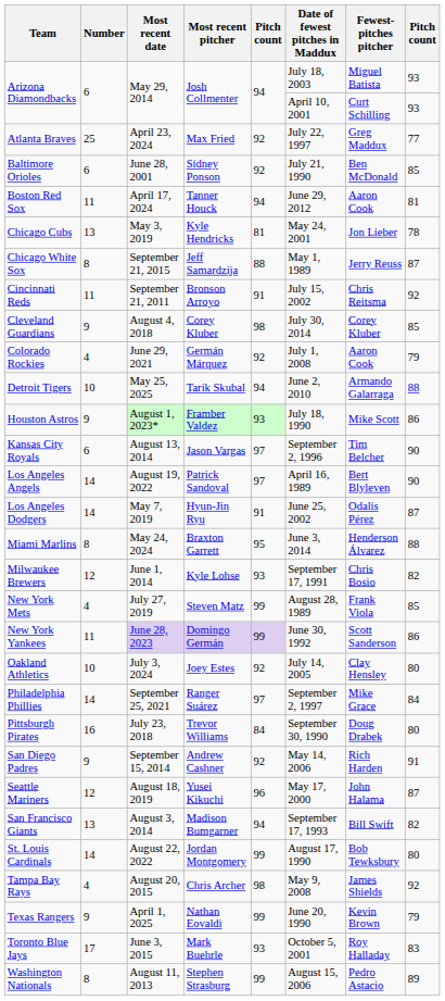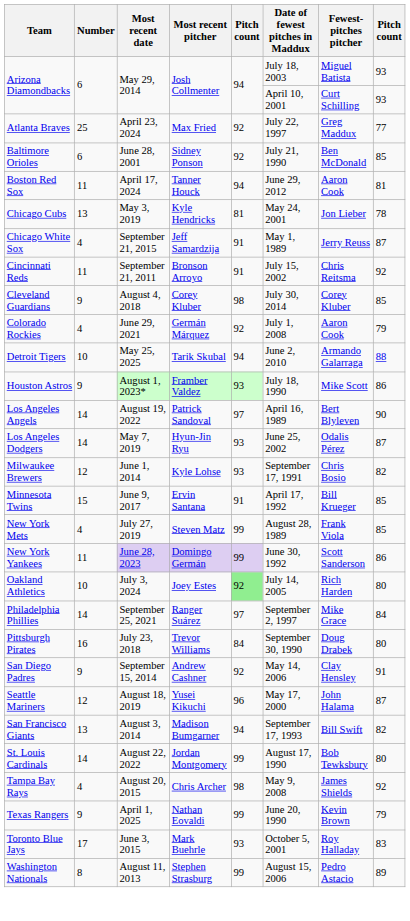 <table class="wikitable sortable">
 <tr>
 <th>Team</th>
 <th>Number</th>
 <th>Most recent date</th>
 <th>Most recent pitcher</th>
 <th>Pitch count</th>
 <th>Date of fewest pitches in Maddux</th>
 <th>Fewest-pitches pitcher</th>
 <th>Pitch count</th>
 </tr>
 <tr>
 <td rowspan="2"><a href='#'>Arizona Diamondbacks</a></td>
 <td rowspan="2">6</td>
 <td rowspan="2">May 29, 2014</td>
 <td rowspan="2"><a href='#'>Josh Collmenter</a></td>
 <td rowspan="2">94</td>
 <td>July 18, 2003</td>
 <td><a href='#'>Miguel Batista</a></td>
 <td>93</td>
 </tr>
 <tr>
 <td>April 10, 2001</td>
 <td><a href='#'>Curt Schilling</a></td>
 <td>93</td>
 </tr>
 <tr>
 <td><a href='#'>Atlanta Braves</a></td>
 <td>25</td>
 <td>April 23, 2024</td>
 <td><a href='#'>Max Fried</a></td>
 <td>92</td>
 <td>July 22, 1997</td>
 <td><a href='#'>Greg Maddux</a></td>
 <td>77</td>
 </tr>
 <tr>
 <td><a href='#'>Baltimore Orioles</a></td>
 <td>6</td>
 <td>June 28, 2001</td>
 <td><a href='#'>Sidney Ponson</a></td>
 <td>92</td>
 <td>July 21, 1990</td>
 <td><a href='#'>Ben McDonald</a></td>
 <td>85</td>
 </tr>
 <tr>
 <td><a href='#'>Boston Red Sox</a></td>
 <td>11</td>
 <td>April 17, 2024</td>
 <td><a href='#'>Tanner Houck</a></td>
 <td>94</td>
 <td>June 29, 2012</td>
 <td><a href='#'>Aaron Cook</a></td>
 <td>81</td>
 </tr>
 <tr>
 <td><a href='#'>Chicago Cubs</a></td>
 <td>13</td>
 <td>May 3, 2019</td>
 <td><a href='#'>Kyle Hendricks</a></td>
 <td>81</td>
 <td>May 24, 2001</td>
 <td><a href='#'>Jon Lieber</a></td>
 <td>78</td>
 </tr>
 <tr>
 <td><a href='#'>Chicago White Sox</a></td>
-<td>8</td>
+<td>4</td>
 <td>September 21, 2015</td>
 <td><a href='#'>Jeff Samardzija</a></td>
-<td>88</td>
+<td>91</td>
 <td>May 1, 1989</td>
 <td><a href='#'>Jerry Reuss</a></td>
 <td>87</td>
 </tr>
 <tr>
 <td><a href='#'>Cincinnati Reds</a></td>
 <td>11</td>
 <td>September 21, 2011</td>
 <td><a href='#'>Bronson Arroyo</a></td>
 <td>91</td>
 <td>July 15, 2002</td>
 <td><a href='#'>Chris Reitsma</a></td>
 <td>92</td>
 </tr>
 <tr>
 <td><a href='#'>Cleveland Guardians</a></td>
 <td>9</td>
 <td>August 4, 2018</td>
 <td><a href='#'>Corey Kluber</a></td>
 <td>98</td>
 <td>July 30, 2014</td>
 <td><a href='#'>Corey Kluber</a></td>
 <td>85</td>
 </tr>
 <tr>
 <td><a href='#'>Colorado Rockies</a></td>
 <td>4</td>
 <td>June 29, 2021</td>
 <td><a href='#'>Germán Márquez</a></td>
 <td>92</td>
 <td>July 1, 2008</td>
 <td><a href='#'>Aaron Cook</a></td>
 <td>79</td>
 </tr>
 <tr>
 <td><a href='#'>Detroit Tigers</a></td>
 <td>10</td>
 <td>May 25, 2025</td>
 <td><a href='#'>Tarik Skubal</a></td>
 <td>94</td>
 <td>June 2, 2010</td>
 <td><a href='#'>Armando Galarraga</a></td>
 <td><a href='#'>88</a></td>
 </tr>
 <tr>
 <td><a href='#'>Houston Astros</a></td>
 <td>9</td>
 <td style="background-color: #CCFFCC">August 1, 2023*</td>
 <td style="background-color: #CCFFCC"><a href='#'>Framber Valdez</a></td>
 <td style="background-color: #CCFFCC">93</td>
 <td>July 18, 1990</td>
 <td><a href='#'>Mike Scott</a></td>
 <td>86</td>
 </tr>
 <tr>
-<td><a href='#'>Kansas City Royals</a></td>
-<td>6</td>
-<td>August 13, 2014</td>
-<td><a href='#'>Jason Vargas</a></td>
-<td>97</td>
-<td>September 2, 1996</td>
-<td><a href='#'>Tim Belcher</a></td>
-<td>90</td>
-</tr>
-<tr>
 <td><a href='#'>Los Angeles Angels</a></td>
 <td>14</td>
 <td>August 19, 2022</td>
 <td><a href='#'>Patrick Sandoval</a></td>
 <td>97</td>
 <td>April 16, 1989</td>
 <td><a href='#'>Bert Blyleven</a></td>
 <td>90</td>
 </tr>
 <tr>
 <td><a href='#'>Los Angeles Dodgers</a></td>
 <td>14</td>
 <td>May 7, 2019</td>
 <td><a href='#'>Hyun-Jin Ryu</a></td>
-<td>91</td>
+<td>93</td>
 <td>June 25, 2002</td>
 <td><a href='#'>Odalis Pérez</a></td>
 <td>87</td>
-</tr>
-<tr>
-<td><a href='#'>Miami Marlins</a></td>
-<td>8</td>
-<td>May 24, 2024</td>
-<td><a href='#'>Braxton Garrett</a></td>
-<td>95</td>
-<td>June 3, 2014</td>
-<td><a href='#'>Henderson Álvarez</a></td>
-<td>88</td>
 </tr>
 <tr>
 <td><a href='#'>Milwaukee Brewers</a></td>
 <td>12</td>
 <td>June 1, 2014</td>
 <td><a href='#'>Kyle Lohse</a></td>
 <td>93</td>
 <td>September 17, 1991</td>
 <td><a href='#'>Chris Bosio</a></td>
 <td>82</td>
+</tr>
+<tr>
+<td><a href='#'>Minnesota Twins</a></td>
+<td>15</td>
+<td>June 9, 2017</td>
+<td><a href='#'>Ervin Santana</a></td>
+<td>91</td>
+<td>April 17, 1992</td>
+<td><a href='#'>Bill Krueger</a></td>
+<td>85</td>
 </tr>
 <tr>
 <td><a href='#'>New York Mets</a></td>
 <td>4</td>
 <td>July 27, 2019</td>
 <td><a href='#'>Steven Matz</a></td>
 <td>99</td>
 <td>August 28, 1989</td>
 <td><a href='#'>Frank Viola</a></td>
 <td>85</td>
 </tr>
 <tr>
 <td><a href='#'>New York Yankees</a></td>
 <td>11</td>
 <td style="background:#ddcef2"><a href='#'>June 28, 2023</a></td>
 <td style="background:#ddcef2"><a href='#'>Domingo Germán</a></td>
 <td style="background:#ddcef2">99</td>
 <td>June 30, 1992</td>
 <td><a href='#'>Scott Sanderson</a></td>
 <td>86</td>
 </tr>
 <tr>
 <td><a href='#'>Oakland Athletics</a></td>
 <td>10</td>
 <td>July 3, 2024</td>
 <td><a href='#'>Joey Estes</a></td>
-<td>92</td>
+<td style="background: lightgreen;">92</td>
 <td>July 14, 2005</td>
-<td><a href='#'>Clay Hensley</a></td>
+<td><a href='#'>Rich Harden</a></td>
 <td>80</td>
 </tr>
 <tr>
 <td><a href='#'>Philadelphia Phillies</a></td>
 <td>14</td>
 <td>September 25, 2021</td>
 <td><a href='#'>Ranger Suárez</a></td>
 <td>97</td>
 <td>September 2, 1997</td>
 <td><a href='#'>Mike Grace</a></td>
 <td>84</td>
 </tr>
 <tr>
 <td><a href='#'>Pittsburgh Pirates</a></td>
 <td>16</td>
 <td>July 23, 2018</td>
 <td><a href='#'>Trevor Williams</a></td>
 <td>84</td>
 <td>September 30, 1990</td>
 <td><a href='#'>Doug Drabek</a></td>
 <td>80</td>
 </tr>
 <tr>
 <td><a href='#'>San Diego Padres</a></td>
 <td>9</td>
 <td>September 15, 2014</td>
 <td><a href='#'>Andrew Cashner</a></td>
 <td>92</td>
 <td>May 14, 2006</td>
-<td><a href='#'>Rich Harden</a></td>
+<td><a href='#'>Clay Hensley</a></td>
 <td>91</td>
 </tr>
 <tr>
 <td><a href='#'>Seattle Mariners</a></td>
 <td>12</td>
 <td>August 18, 2019</td>
 <td><a href='#'>Yusei Kikuchi</a></td>
 <td>96</td>
 <td>May 17, 2000</td>
 <td><a href='#'>John Halama</a></td>
 <td>87</td>
 </tr>
 <tr>
 <td><a href='#'>San Francisco Giants</a></td>
 <td>13</td>
 <td>August 3, 2014</td>
 <td><a href='#'>Madison Bumgarner</a></td>
 <td>94</td>
 <td>September 17, 1993</td>
 <td><a href='#'>Bill Swift</a></td>
 <td>82</td>
 </tr>
 <tr>
 <td><a href='#'>St. Louis Cardinals</a></td>
 <td>14</td>
 <td>August 22, 2022</td>
 <td><a href='#'>Jordan Montgomery</a></td>
 <td>99</td>
 <td>August 17, 1990</td>
 <td><a href='#'>Bob Tewksbury</a></td>
 <td>80</td>
 </tr>
 <tr>
 <td><a href='#'>Tampa Bay Rays</a></td>
 <td>4</td>
 <td>August 20, 2015</td>
 <td><a href='#'>Chris Archer</a></td>
 <td>98</td>
 <td>May 9, 2008</td>
 <td><a href='#'>James Shields</a></td>
 <td>92</td>
 </tr>
 <tr>
 <td><a href='#'>Texas Rangers</a></td>
 <td>9</td>
 <td>April 1, 2025</td>
 <td><a href='#'>Nathan Eovaldi</a></td>
 <td>99</td>
 <td>June 20, 1990</td>
 <td><a href='#'>Kevin Brown</a></td>
 <td>79</td>
 </tr>
 <tr>
 <td><a href='#'>Toronto Blue Jays</a></td>
 <td>17</td>
 <td>June 3, 2015</td>
 <td><a href='#'>Mark Buehrle</a></td>
 <td>93</td>
 <td>October 5, 2001</td>
 <td><a href='#'>Roy Halladay</a></td>
 <td>83</td>
 </tr>
 <tr>
 <td><a href='#'>Washington Nationals</a></td>
 <td>8</td>
 <td>August 11, 2013</td>
 <td><a href='#'>Stephen Strasburg</a></td>
 <td>99</td>
 <td>August 15, 2006</td>
 <td><a href='#'>Pedro Astacio</a></td>
 <td>89</td>
 </tr>
 </table>
